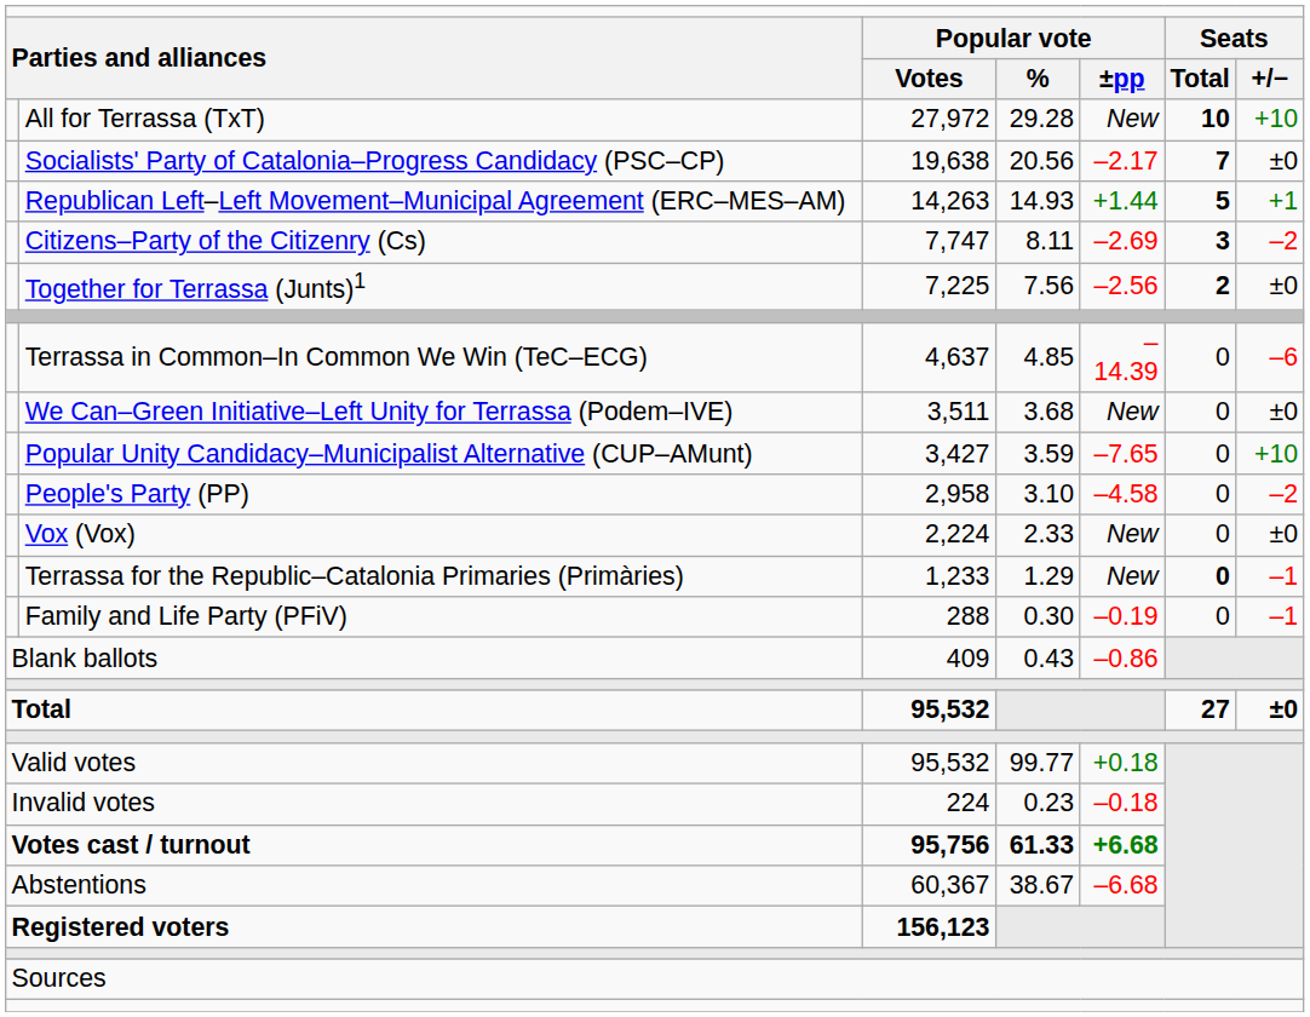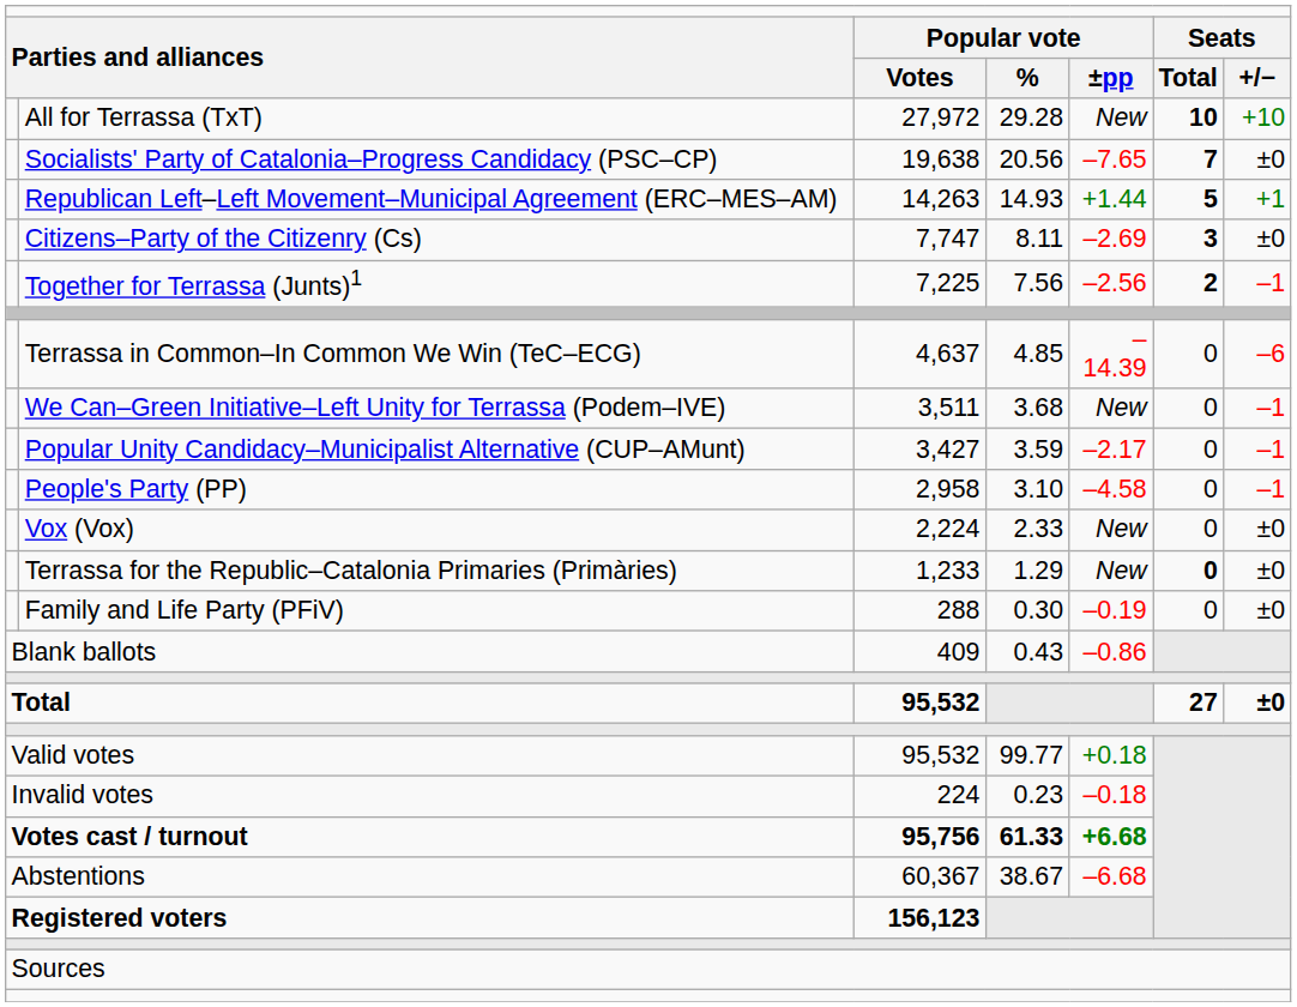 <table class="wikitable" style="text-align:right;">
 <tr>
 <td colspan="7"></td>
 </tr>
 <tr>
 <th style="text-align:left;" rowspan="2" colspan="2" width="525">Parties and alliances</th>
 <th colspan="3">Popular vote</th>
 <th colspan="2">Seats</th>
 </tr>
 <tr>
 <th width="75">Votes</th>
 <th width="45">%</th>
 <th width="45">±<a href='#'>pp</a></th>
 <th width="35">Total</th>
 <th width="35">+/−</th>
 </tr>
 <tr>
 <td width="1" style="color:inherit;background:"></td>
 <td align="left">All for Terrassa (TxT)</td>
 <td>27,972</td>
 <td>29.28</td>
 <td><em>New</em></td>
 <td><strong>10</strong></td>
 <td style="color:green;">+10</td>
 </tr>
 <tr>
 <td width="1" style="color:inherit;background:"></td>
 <td align="left"><a href='#'>Socialists' Party of Catalonia–Progress Candidacy</a> (PSC–CP)</td>
 <td>19,638</td>
 <td>20.56</td>
-<td style="color:red;">–2.17</td>
+<td style="color:red;">–7.65</td>
 <td><strong>7</strong></td>
 <td>±0</td>
 </tr>
 <tr>
 <td style="color:inherit;background:"></td>
 <td align="left"><a href='#'>Republican Left</a>–<a href='#'>Left Movement–Municipal Agreement</a> (ERC–MES–AM)</td>
 <td>14,263</td>
 <td>14.93</td>
 <td style="color:green;">+1.44</td>
 <td><strong>5</strong></td>
 <td style="color:green;">+1</td>
 </tr>
 <tr>
 <td style="color:inherit;background:"></td>
 <td align="left"><a href='#'>Citizens–Party of the Citizenry</a> (Cs)</td>
 <td>7,747</td>
 <td>8.11</td>
 <td style="color:red;">–2.69</td>
 <td><strong>3</strong></td>
-<td style="color:red;">–2</td>
+<td>±0</td>
 </tr>
 <tr>
 <td style="color:inherit;background:"></td>
 <td align="left"><a href='#'>Together for Terrassa</a> (Junts)<sup>1</sup></td>
 <td>7,225</td>
 <td>7.56</td>
 <td style="color:red;">–2.56</td>
 <td><strong>2</strong></td>
-<td>±0</td>
+<td style="color:red;">–1</td>
 </tr>
 <tr>
 <td colspan="7" bgcolor="#C0C0C0"></td>
 </tr>
 <tr>
 <td style="color:inherit;background:"></td>
 <td align="left">Terrassa in Common–In Common We Win (TeC–ECG)</td>
 <td>4,637</td>
 <td>4.85</td>
 <td style="color:red;">–14.39</td>
 <td>0</td>
 <td style="color:red;">–6</td>
 </tr>
 <tr>
 <td style="color:inherit;background:"></td>
 <td align="left"><a href='#'>We Can–Green Initiative–Left Unity for Terrassa</a> (Podem–IVE)</td>
 <td>3,511</td>
 <td>3.68</td>
 <td><em>New</em></td>
 <td>0</td>
-<td>±0</td>
+<td style="color:red;">–1</td>
 </tr>
 <tr>
 <td style="color:inherit;background:"></td>
 <td align="left"><a href='#'>Popular Unity Candidacy–Municipalist Alternative</a> (CUP–AMunt)</td>
 <td>3,427</td>
 <td>3.59</td>
-<td style="color:red;">–7.65</td>
+<td style="color:red;">–2.17</td>
 <td>0</td>
-<td style="color:green;">+10</td>
+<td style="color:red;">–1</td>
 </tr>
 <tr>
 <td style="color:inherit;background:"></td>
 <td align="left"><a href='#'>People's Party</a> (PP)</td>
 <td>2,958</td>
 <td>3.10</td>
 <td style="color:red;">–4.58</td>
 <td>0</td>
-<td style="color:red;">–2</td>
+<td style="color:red;">–1</td>
 </tr>
 <tr>
 <td style="color:inherit;background:"></td>
 <td align="left"><a href='#'>Vox</a> (Vox)</td>
 <td>2,224</td>
 <td>2.33</td>
 <td><em>New</em></td>
 <td>0</td>
 <td>±0</td>
 </tr>
 <tr>
 <td style="color:inherit;background:"></td>
 <td align="left">Terrassa for the Republic–Catalonia Primaries (Primàries)</td>
 <td>1,233</td>
 <td>1.29</td>
 <td><em>New</em></td>
 <td><strong>0</strong></td>
-<td style="color:red;">–1</td>
+<td>±0</td>
 </tr>
 <tr>
 <td style="color:inherit;background:"></td>
 <td align="left">Family and Life Party (PFiV)</td>
 <td>288</td>
 <td>0.30</td>
 <td style="color:red;">–0.19</td>
 <td>0</td>
-<td style="color:red;">–1</td>
+<td>±0</td>
 </tr>
 <tr>
 <td align="left" colspan="2">Blank ballots</td>
 <td>409</td>
 <td>0.43</td>
 <td style="color:red;">–0.86</td>
 <td bgcolor="#E9E9E9" colspan="2"></td>
 </tr>
 <tr>
 <td colspan="7" bgcolor="#E9E9E9"></td>
 </tr>
 <tr style="font-weight:bold;">
 <td align="left" colspan="2">Total</td>
 <td>95,532</td>
 <td bgcolor="#E9E9E9" colspan="2"></td>
 <td>27</td>
 <td>±0</td>
 </tr>
 <tr>
 <td colspan="7" bgcolor="#E9E9E9"></td>
 </tr>
 <tr>
 <td align="left" colspan="2">Valid votes</td>
 <td>95,532</td>
 <td>99.77</td>
 <td style="color:green;">+0.18</td>
 <td bgcolor="#E9E9E9" colspan="2" rowspan="5"></td>
 </tr>
 <tr>
 <td align="left" colspan="2">Invalid votes</td>
 <td>224</td>
 <td>0.23</td>
 <td style="color:red;">–0.18</td>
 </tr>
 <tr style="font-weight:bold;">
 <td align="left" colspan="2">Votes cast / turnout</td>
 <td>95,756</td>
 <td>61.33</td>
 <td style="color:green;">+6.68</td>
 </tr>
 <tr>
 <td align="left" colspan="2">Abstentions</td>
 <td>60,367</td>
 <td>38.67</td>
 <td style="color:red;">–6.68</td>
 </tr>
 <tr style="font-weight:bold;">
 <td align="left" colspan="2">Registered voters</td>
 <td>156,123</td>
 <td bgcolor="#E9E9E9" colspan="2"></td>
 </tr>
 <tr>
 <td colspan="7" bgcolor="#E9E9E9"></td>
 </tr>
 <tr>
 <td align="left" colspan="7">Sources</td>
 </tr>
 <tr>
 <td colspan="7" style="text-align:left; max-width:790px;"></td>
 </tr>
 </table>
